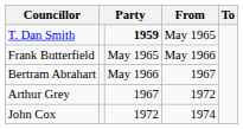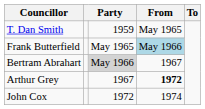 <table class=wikitable>
 <tr>
 <th>Councillor</th>
 <th colspan=2>Party</th>
 <th>From</th>
 <th>To</th>
 </tr>
 <tr>
 <td><a href='#'>T. Dan Smith</a></td>
 <td></td>
-<td align=right><strong>1959</strong></td>
+<td align=right>1959</td>
 <td align=right>May 1965</td>
 </tr>
 <tr>
 <td>Frank Butterfield</td>
 <td></td>
 <td align=right>May 1965</td>
-<td align=right>May 1966</td>
+<td align=right style="background: lightblue;">May 1966</td>
 </tr>
 <tr>
 <td>Bertram Abrahart</td>
 <td></td>
-<td align=right>May 1966</td>
+<td align=right style="background: lightgrey;">May 1966</td>
 <td align=right>1967</td>
 </tr>
 <tr>
 <td>Arthur Grey</td>
 <td></td>
 <td align=right>1967</td>
-<td align=right>1972</td>
+<td align=right><strong>1972</strong></td>
 </tr>
 <tr>
 <td>John Cox</td>
 <td></td>
 <td align=right>1972</td>
 <td align=right>1974</td>
 </tr>
 </table>
